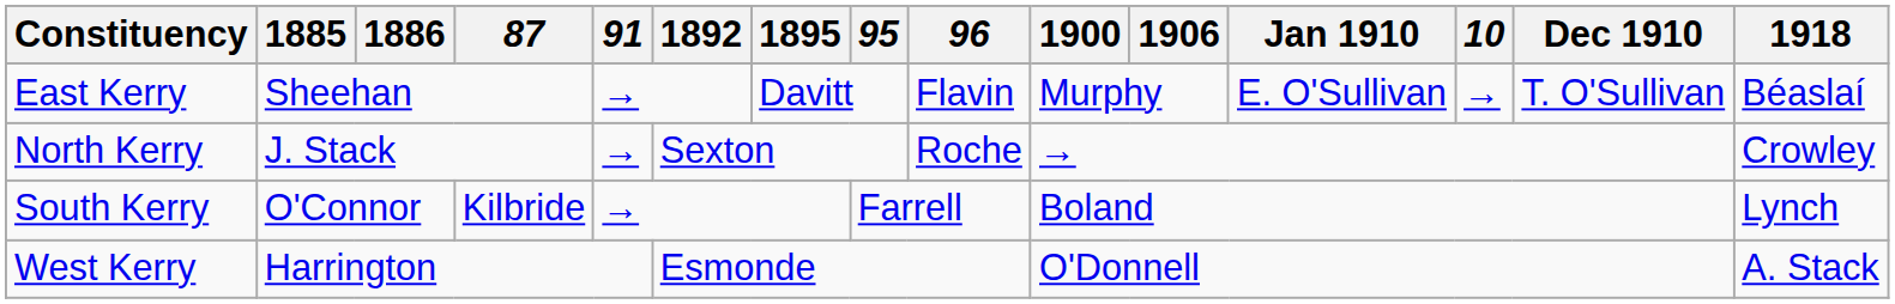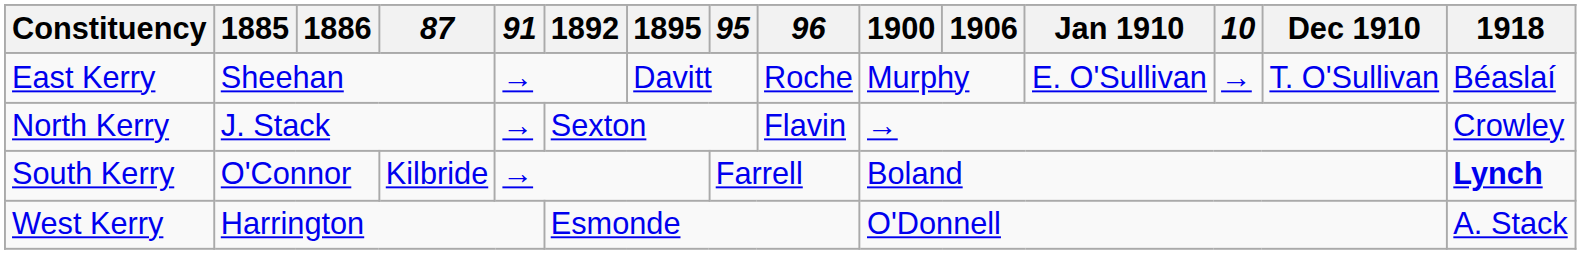 <table class="wikitable">
 <tr>
 <th>Constituency</th>
 <th>1885</th>
 <th>1886</th>
 <th><em>87</em></th>
 <th><em>91</em></th>
 <th>1892</th>
 <th>1895</th>
 <th><em>95</em></th>
 <th><em>96</em></th>
 <th>1900</th>
 <th>1906</th>
 <th>Jan 1910</th>
 <th><em>10</em></th>
 <th>Dec 1910</th>
 <th>1918</th>
 </tr>
 <tr>
 <td><a href='#'>East Kerry</a></td>
 <td colspan="3"><a href='#'>Sheehan</a></td>
 <td colspan="2"><a href='#'>→</a></td>
 <td colspan="2"><a href='#'>Davitt</a></td>
-<td><a href='#'>Flavin</a></td>
+<td><a href='#'>Roche</a></td>
 <td colspan="2"><a href='#'>Murphy</a></td>
 <td><a href='#'>E. O'Sullivan</a></td>
 <td><a href='#'>→</a></td>
 <td><a href='#'>T. O'Sullivan</a></td>
 <td><a href='#'>Béaslaí</a></td>
 </tr>
 <tr>
 <td><a href='#'>North Kerry</a></td>
 <td colspan="3"><a href='#'>J. Stack</a></td>
 <td><a href='#'>→</a></td>
 <td colspan="3"><a href='#'>Sexton</a></td>
-<td><a href='#'>Roche</a></td>
+<td><a href='#'>Flavin</a></td>
 <td colspan="5"><a href='#'>→</a></td>
 <td><a href='#'>Crowley</a></td>
 </tr>
 <tr>
 <td><a href='#'>South Kerry</a></td>
 <td colspan="2"><a href='#'>O'Connor</a></td>
 <td><a href='#'>Kilbride</a></td>
 <td colspan="3"><a href='#'>→</a></td>
 <td colspan="2"><a href='#'>Farrell</a></td>
 <td colspan="5"><a href='#'>Boland</a></td>
-<td><a href='#'>Lynch</a></td>
+<td><strong><a href='#'>Lynch</a></strong></td>
 </tr>
 <tr>
 <td><a href='#'>West Kerry</a></td>
 <td colspan="4"><a href='#'>Harrington</a></td>
 <td colspan="4"><a href='#'>Esmonde</a></td>
 <td colspan="5"><a href='#'>O'Donnell</a></td>
 <td><a href='#'>A. Stack</a></td>
 </tr>
 </table>
